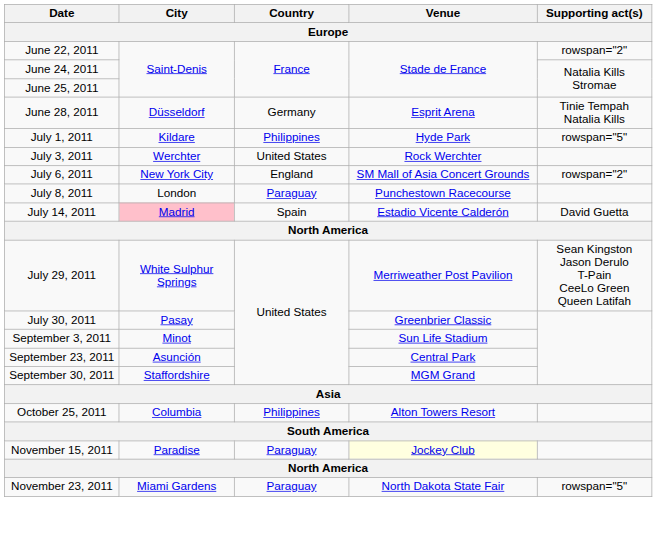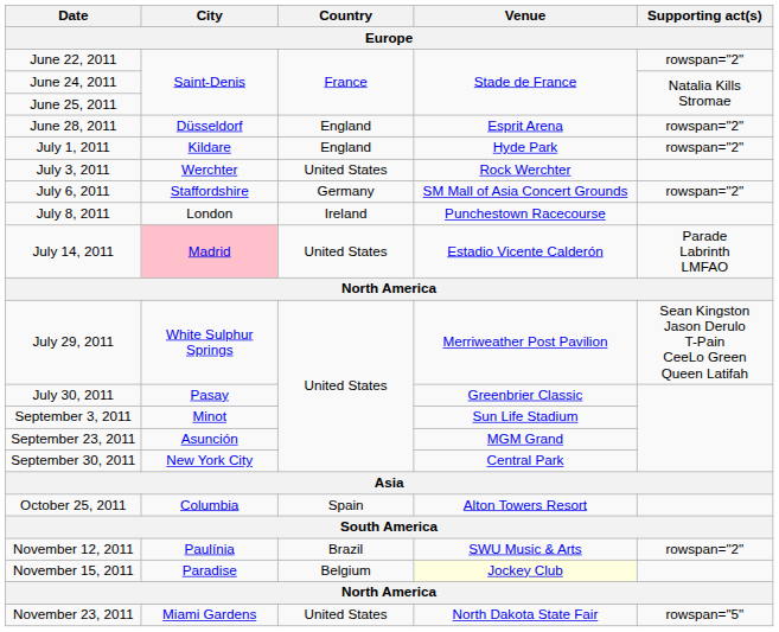 <table class="wikitable" style="text-align:center;">
 <tr>
 <th style="width:150px;">Date</th>
 <th style="width:150px;">City</th>
 <th style="width:150px;">Country</th>
 <th style="width:250px;">Venue</th>
 <th style="width:150px;">Supporting act(s)</th>
 </tr>
 <tr>
 <th colspan="5">Europe</th>
 </tr>
 <tr>
 <td>June 22, 2011</td>
 <td rowspan="3"><a href='#'>Saint-Denis</a></td>
 <td rowspan="3"><a href='#'>France</a></td>
 <td rowspan="3"><a href='#'>Stade de France</a></td>
 <td>rowspan="2" </td>
 </tr>
 <tr>
 <td>June 24, 2011</td>
 <td rowspan="2">Natalia Kills<br>Stromae</td>
 </tr>
 <tr>
 <td>June 25, 2011</td>
 </tr>
 <tr>
 <td>June 28, 2011</td>
 <td><a href='#'>Düsseldorf</a></td>
-<td>Germany</td>
+<td>England</td>
 <td><a href='#'>Esprit Arena</a></td>
-<td>Tinie  Tempah<br>Natalia Kills</td>
+<td>rowspan="2" </td>
 </tr>
 <tr>
 <td>July 1, 2011</td>
 <td><a href='#'>Kildare</a></td>
-<td><a href='#'>Philippines</a></td>
+<td>England</td>
 <td><a href='#'>Hyde Park</a></td>
-<td>rowspan="5" </td>
+<td>rowspan="2" </td>
 </tr>
 <tr>
 <td>July 3, 2011</td>
 <td><a href='#'>Werchter</a></td>
 <td>United States</td>
 <td><a href='#'>Rock Werchter</a></td>
 </tr>
 <tr>
 <td>July 6, 2011</td>
-<td><a href='#'>New York City</a></td>
-<td>England</td>
+<td><a href='#'>Staffordshire</a></td>
+<td>Germany</td>
 <td><a href='#'>SM Mall of Asia Concert Grounds</a></td>
 <td>rowspan="2" </td>
 </tr>
 <tr>
 <td>July 8, 2011</td>
 <td>London</td>
-<td><a href='#'>Paraguay</a></td>
+<td>Ireland</td>
 <td><a href='#'>Punchestown Racecourse</a></td>
 <td></td>
 </tr>
 <tr>
 <td>July 14, 2011</td>
 <td style="background: pink;"><a href='#'>Madrid</a></td>
-<td>Spain</td>
+<td>United States</td>
 <td><a href='#'>Estadio Vicente Calderón</a></td>
-<td>David Guetta</td>
+<td>Parade<br>Labrinth<br>LMFAO</td>
 </tr>
 <tr>
 <th colspan="5">North America</th>
 </tr>
 <tr>
 <td>July 29, 2011</td>
 <td><a href='#'>White Sulphur Springs</a></td>
 <td rowspan="5">United States</td>
 <td><a href='#'>Merriweather Post Pavilion</a></td>
 <td>Sean Kingston<br>Jason Derulo<br>T-Pain<br>CeeLo Green<br>Queen Latifah</td>
 </tr>
 <tr>
 <td>July 30, 2011</td>
 <td><a href='#'>Pasay</a></td>
 <td><a href='#'>Greenbrier Classic</a></td>
 </tr>
 <tr>
 <td>September 3, 2011</td>
 <td><a href='#'>Minot</a></td>
 <td><a href='#'>Sun Life Stadium</a></td>
 </tr>
 <tr>
 <td>September 23, 2011</td>
 <td><a href='#'>Asunción</a></td>
-<td><a href='#'>Central Park</a></td>
+<td><a href='#'>MGM Grand</a></td>
 </tr>
 <tr>
 <td>September 30, 2011</td>
-<td><a href='#'>Staffordshire</a></td>
-<td><a href='#'>MGM Grand</a></td>
+<td><a href='#'>New York City</a></td>
+<td><a href='#'>Central Park</a></td>
 </tr>
 <tr>
 <th colspan="5">Asia</th>
 </tr>
 <tr>
 <td>October 25, 2011</td>
 <td><a href='#'>Columbia</a></td>
-<td><a href='#'>Philippines</a></td>
+<td>Spain</td>
 <td><a href='#'>Alton Towers Resort</a></td>
 <td></td>
 </tr>
 <tr>
 <th colspan="5">South America</th>
 </tr>
 <tr>
+<td>November 12, 2011</td>
+<td><a href='#'>Paulínia</a></td>
+<td>Brazil</td>
+<td><a href='#'>SWU Music & Arts</a></td>
+<td>rowspan="2" </td>
+</tr>
+<tr>
 <td>November 15, 2011</td>
 <td><a href='#'>Paradise</a></td>
-<td><a href='#'>Paraguay</a></td>
+<td>Belgium</td>
 <td style="background: lightyellow;"><a href='#'>Jockey Club</a></td>
 </tr>
 <tr>
 <th colspan="5">North America</th>
 </tr>
 <tr>
 <td>November 23, 2011</td>
 <td><a href='#'>Miami Gardens</a></td>
-<td><a href='#'>Paraguay</a></td>
+<td>United States</td>
 <td><a href='#'>North Dakota State Fair</a></td>
 <td>rowspan="5" </td>
 </tr>
 </table>
